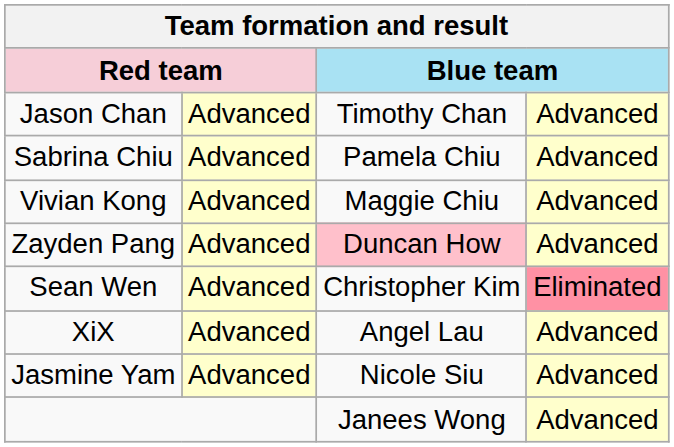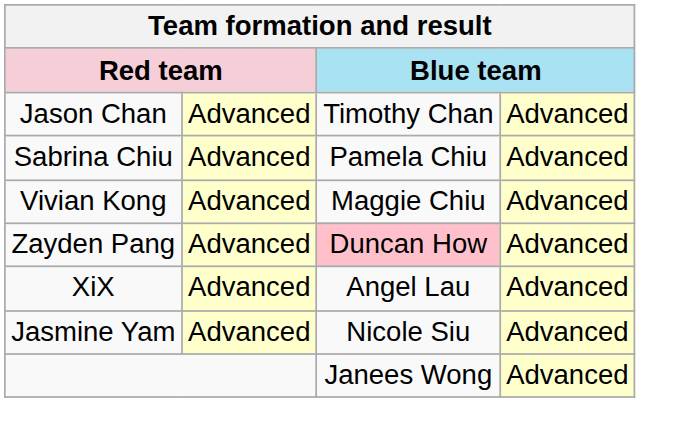 <table class="wikitable unsortable plainrowheaders" style="text-align:center; line-height:18px;">
 <tr>
 <th scope="col" colspan="4">Team formation and result</th>
 </tr>
 <tr>
 <th scope="col" colspan="2" style="background:#F6CED8;">Red team</th>
 <th scope="col" colspan="2" style="background:#A9E2F3;">Blue team</th>
 </tr>
 <tr>
 <td>Jason Chan</td>
 <td style="background:#FFFFCC;">Advanced</td>
 <td>Timothy Chan</td>
 <td style="background:#FFFFCC;">Advanced</td>
 </tr>
 <tr>
 <td>Sabrina Chiu</td>
 <td style="background:#FFFFCC;">Advanced</td>
 <td>Pamela Chiu</td>
 <td style="background:#FFFFCC;">Advanced</td>
 </tr>
 <tr>
 <td>Vivian Kong</td>
 <td style="background:#FFFFCC;">Advanced</td>
 <td>Maggie Chiu</td>
 <td style="background:#FFFFCC;">Advanced</td>
 </tr>
 <tr>
 <td>Zayden Pang</td>
 <td style="background:#FFFFCC;">Advanced</td>
 <td style="background: pink;">Duncan How</td>
 <td style="background:#FFFFCC;">Advanced</td>
 </tr>
 <tr>
-<td>Sean Wen</td>
-<td style="background:#FFFFCC;">Advanced</td>
-<td>Christopher Kim</td>
-<td style="background:#FF91A4;">Eliminated</td>
-</tr>
-<tr>
 <td>XiX</td>
 <td style="background:#FFFFCC;">Advanced</td>
 <td>Angel Lau</td>
 <td style="background:#FFFFCC;">Advanced</td>
 </tr>
 <tr>
 <td>Jasmine Yam</td>
 <td style="background:#FFFFCC;">Advanced</td>
 <td>Nicole Siu</td>
 <td style="background:#FFFFCC;">Advanced</td>
 </tr>
 <tr>
 <td colspan="2"></td>
 <td>Janees Wong</td>
 <td style="background:#FFFFCC;">Advanced</td>
 </tr>
 </table>
